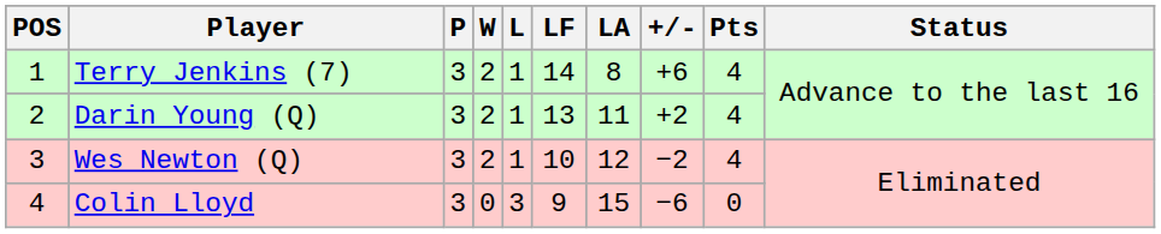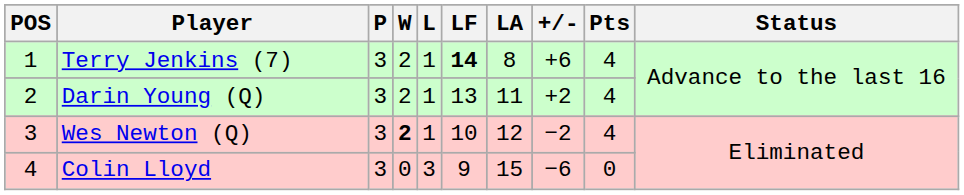 <table class="wikitable" style="text-align:center; margin: 1em auto 1em auto, align:left">
 <tr>
 <th width=20>POS</th>
 <th width=173>Player</th>
 <th width=3>P</th>
 <th width=3>W</th>
 <th width=3>L</th>
 <th width=20>LF</th>
 <th width=20>LA</th>
 <th width=20>+/-</th>
 <th width=20>Pts</th>
 <th width=179>Status</th>
 </tr>
 <tr style="background:#CCFFCC;">
 <td>1</td>
 <td style="text-align:left;"> <a href='#'>Terry Jenkins</a> (7)</td>
 <td>3</td>
 <td>2</td>
 <td>1</td>
-<td>14</td>
+<td><strong>14</strong></td>
 <td>8</td>
 <td>+6</td>
 <td>4</td>
 <td rowspan=2>Advance to the last 16</td>
 </tr>
 <tr style="background:#CCFFCC;">
 <td>2</td>
 <td style="text-align:left;"> <a href='#'>Darin Young</a> (Q)</td>
 <td>3</td>
 <td>2</td>
 <td>1</td>
 <td>13</td>
 <td>11</td>
 <td>+2</td>
 <td>4</td>
 </tr>
 <tr style="background:#FFCCCC;">
 <td>3</td>
 <td style="text-align:left;"> <a href='#'>Wes Newton</a> (Q)</td>
 <td>3</td>
-<td>2</td>
+<td><strong>2</strong></td>
 <td>1</td>
 <td>10</td>
 <td>12</td>
 <td>−2</td>
 <td>4</td>
 <td rowspan=2>Eliminated</td>
 </tr>
 <tr style="background:#FFCCCC;">
 <td>4</td>
 <td style="text-align:left;"> <a href='#'>Colin Lloyd</a></td>
 <td>3</td>
 <td>0</td>
 <td>3</td>
 <td>9</td>
 <td>15</td>
 <td>−6</td>
 <td>0</td>
 </tr>
 </table>
